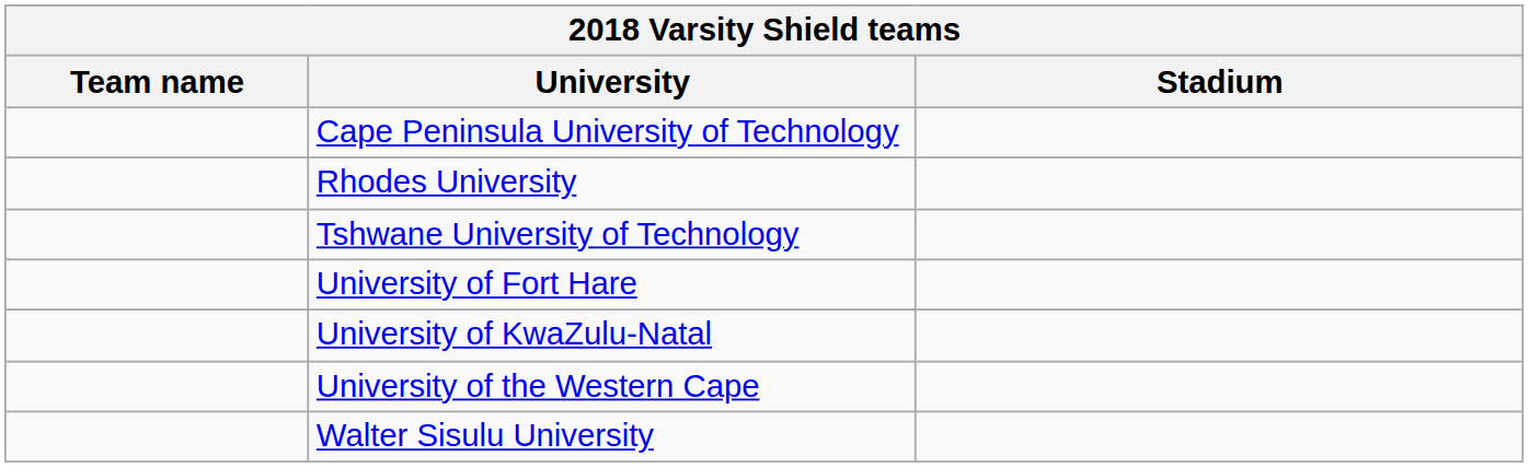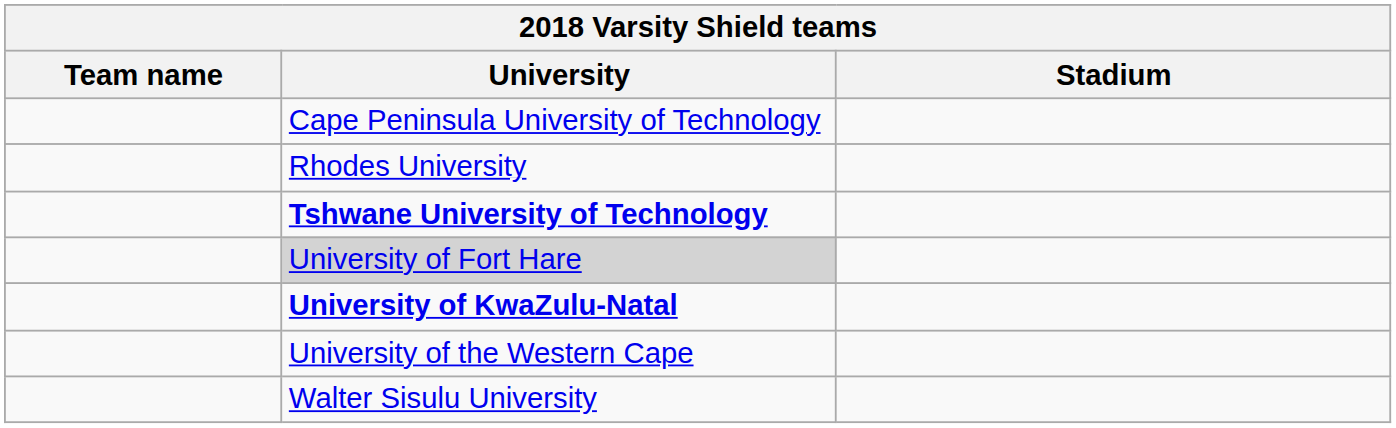 <table class="wikitable collapsible sortable" style="text-align:left; width:60%;">
 <tr>
 <th colspan="100%" align=center>2018 Varsity Shield teams</th>
 </tr>
 <tr>
 <th width="20%">Team name</th>
 <th width="40%">University</th>
 <th width="40%">Stadium</th>
 </tr>
 <tr>
 <td></td>
 <td><a href='#'>Cape Peninsula University of Technology</a></td>
 <td></td>
 </tr>
 <tr>
 <td></td>
 <td><a href='#'>Rhodes University</a></td>
 <td></td>
 </tr>
 <tr>
 <td></td>
-<td><a href='#'>Tshwane University of Technology</a></td>
+<td><strong><a href='#'>Tshwane University of Technology</a></strong></td>
 <td></td>
 </tr>
 <tr>
 <td></td>
-<td><a href='#'>University of Fort Hare</a></td>
+<td style="background: lightgrey;"><a href='#'>University of Fort Hare</a></td>
 <td></td>
 </tr>
 <tr>
 <td></td>
-<td><a href='#'>University of KwaZulu-Natal</a></td>
+<td><strong><a href='#'>University of KwaZulu-Natal</a></strong></td>
 <td></td>
 </tr>
 <tr>
 <td></td>
 <td><a href='#'>University of the Western Cape</a></td>
 <td></td>
 </tr>
 <tr>
 <td></td>
 <td><a href='#'>Walter Sisulu University</a></td>
 <td></td>
 </tr>
 </table>
